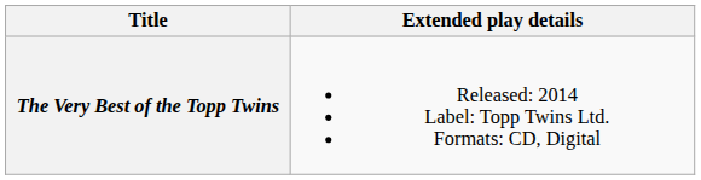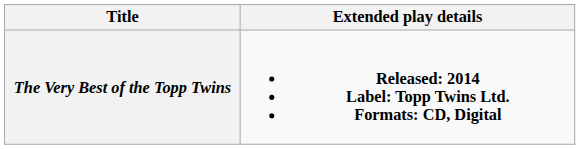 <table class="wikitable plainrowheaders" style="text-align:center;">
 <tr>
 <th scope="col" rowspan="1" style="width:14em;">Title</th>
 <th scope="col" rowspan="1" style="width:20em;">Extended play details</th>
 </tr>
 <tr>
 <th scope="row"><em>The Very Best of the Topp Twins</em></th>
-<td><br><ul><li>Released: 2014</li><li>Label: Topp Twins Ltd.</li><li>Formats: CD, Digital</li></ul></td>
+<td><strong><br><ul><li>Released: 2014</li><li>Label: Topp Twins Ltd.</li><li>Formats: CD, Digital</li></ul></strong></td>
 </tr>
 </table>
